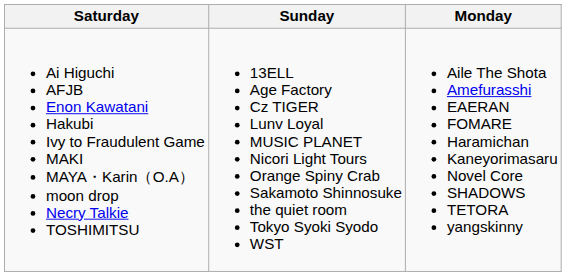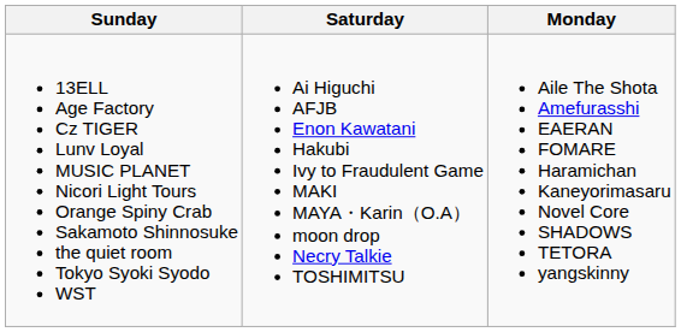 <table class="wikitable">
 <tr>
+<th>Sunday</th>
 <th>Saturday</th>
-<th>Sunday</th>
 <th>Monday</th>
 </tr>
 <tr valign="top">
+<td><br><ul><li>13ELL</li><li>Age Factory</li><li>Cz TIGER</li><li>Lunv Loyal</li><li>MUSIC PLANET</li><li>Nicori Light Tours</li><li>Orange Spiny Crab</li><li>Sakamoto Shinnosuke</li><li>the quiet room</li><li>Tokyo Syoki Syodo</li><li>WST</li></ul></td>
 <td><br><ul><li>Ai Higuchi</li><li>AFJB</li><li><a href='#'>Enon Kawatani</a></li><li>Hakubi</li><li>Ivy to Fraudulent Game</li><li>MAKI</li><li>MAYA・Karin（O.A）</li><li>moon drop</li><li><a href='#'>Necry Talkie</a></li><li>TOSHIMITSU</li></ul></td>
-<td><br><ul><li>13ELL</li><li>Age Factory</li><li>Cz TIGER</li><li>Lunv Loyal</li><li>MUSIC PLANET</li><li>Nicori Light Tours</li><li>Orange Spiny Crab</li><li>Sakamoto Shinnosuke</li><li>the quiet room</li><li>Tokyo Syoki Syodo</li><li>WST</li></ul></td>
 <td><br><ul><li>Aile The Shota</li><li><a href='#'>Amefurasshi</a></li><li>EAERAN</li><li>FOMARE</li><li>Haramichan</li><li>Kaneyorimasaru</li><li>Novel Core</li><li>SHADOWS</li><li>TETORA</li><li>yangskinny</li></ul></td>
 </tr>
 </table>
